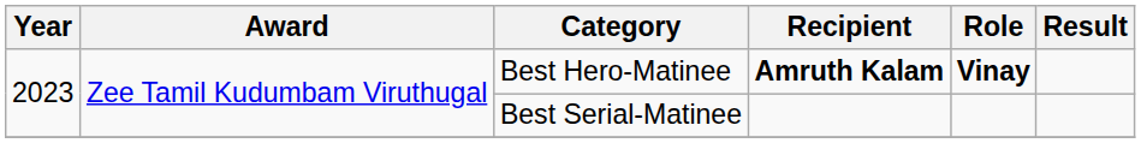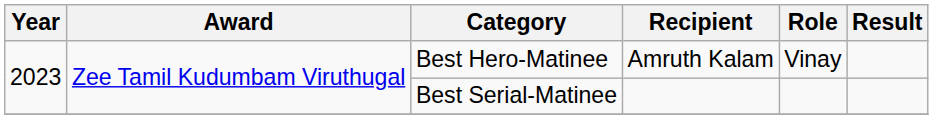 <table class="wikitable">
 <tr>
 <th>Year</th>
 <th>Award</th>
 <th>Category</th>
 <th>Recipient</th>
 <th>Role</th>
 <th>Result</th>
 </tr>
 <tr>
 <td rowspan="2">2023</td>
 <td rowspan="2"><a href='#'>Zee Tamil Kudumbam Viruthugal</a></td>
 <td>Best Hero-Matinee</td>
-<td><strong>Amruth Kalam</strong></td>
-<td><strong>Vinay</strong></td>
+<td>Amruth Kalam</td>
+<td>Vinay</td>
 <td></td>
 </tr>
 <tr>
 <td>Best Serial-Matinee</td>
 <td></td>
 <td></td>
 <td></td>
 </tr>
 <tr>
 </tr>
 </table>
